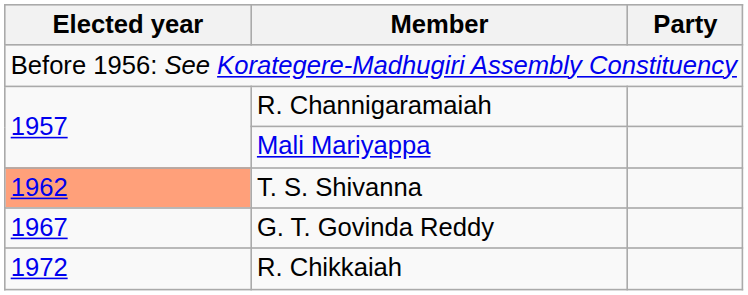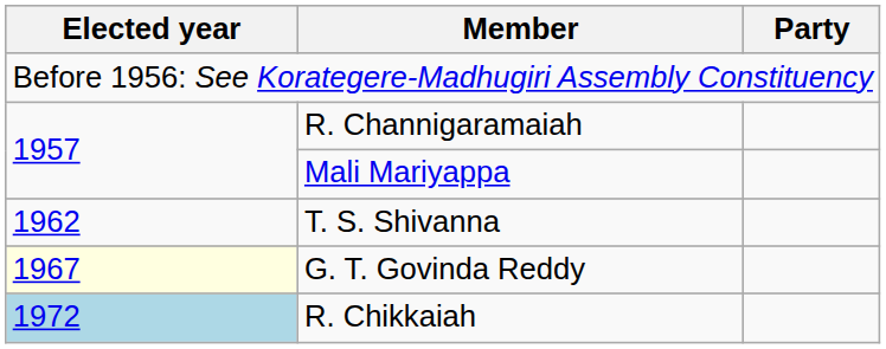 <table class="wikitable sortable">
 <tr>
 <th>Elected year</th>
 <th>Member</th>
 <th colspan=2>Party</th>
 </tr>
 <tr>
 <td colspan=4>Before 1956: <em>See <a href='#'>Korategere-Madhugiri Assembly Constituency</a></em></td>
 </tr>
 <tr>
 <td rowspan="2"><a href='#'>1957</a></td>
 <td>R. Channigaramaiah</td>
 <td></td>
 </tr>
 <tr>
 <td><a href='#'>Mali Mariyappa</a></td>
 </tr>
 <tr>
-<td style="background: lightsalmon;"><a href='#'>1962</a></td>
+<td><a href='#'>1962</a></td>
 <td>T. S. Shivanna</td>
 <td></td>
 </tr>
 <tr>
-<td><a href='#'>1967</a></td>
+<td style="background: lightyellow;"><a href='#'>1967</a></td>
 <td>G. T. Govinda Reddy</td>
 <td></td>
 </tr>
 <tr>
-<td><a href='#'>1972</a></td>
+<td style="background: lightblue;"><a href='#'>1972</a></td>
 <td>R. Chikkaiah</td>
 <td></td>
 </tr>
 </table>
